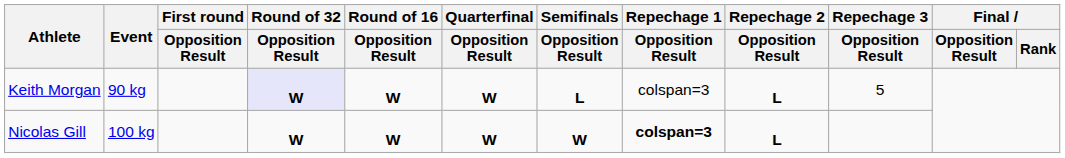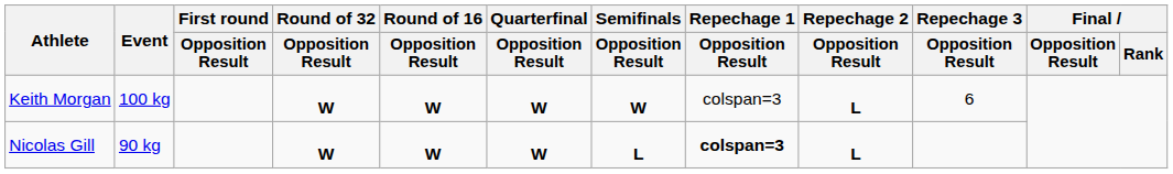 <table class="wikitable" style="font-size:90%">
 <tr>
 <th rowspan=2>Athlete</th>
 <th rowspan=2>Event</th>
 <th>First round</th>
 <th>Round of 32</th>
 <th>Round of 16</th>
 <th>Quarterfinal</th>
 <th>Semifinals</th>
 <th>Repechage 1</th>
 <th>Repechage 2</th>
 <th>Repechage 3</th>
 <th colspan=2>Final / </th>
 </tr>
 <tr style="font-size:95%">
 <th>Opposition<br>Result</th>
 <th>Opposition<br>Result</th>
 <th>Opposition<br>Result</th>
 <th>Opposition<br>Result</th>
 <th>Opposition<br>Result</th>
 <th>Opposition<br>Result</th>
 <th>Opposition<br>Result</th>
 <th>Opposition<br>Result</th>
 <th>Opposition<br>Result</th>
 <th>Rank</th>
 </tr>
 <tr align=center>
 <td align=left><a href='#'>Keith Morgan</a></td>
-<td align=left><a href='#'>90 kg</a></td>
-<td></td>
-<td style="background: lavender;"> <br> <strong>W</strong></td>
-<td> <br> <strong>W</strong></td>
-<td> <br> <strong>W</strong></td>
-<td> <br> <strong>L</strong></td>
-<td>colspan=3 </td>
-<td> <br> <strong>L</strong></td>
-<td>5</td>
-</tr>
-<tr align=center>
-<td align=left><a href='#'>Nicolas Gill</a></td>
 <td align=left><a href='#'>100 kg</a></td>
 <td></td>
 <td> <br> <strong>W</strong></td>
 <td> <br> <strong>W</strong></td>
 <td> <br> <strong>W</strong></td>
 <td> <br> <strong>W</strong></td>
+<td>colspan=3 </td>
+<td> <br> <strong>L</strong></td>
+<td>6</td>
+</tr>
+<tr align=center>
+<td align=left><a href='#'>Nicolas Gill</a></td>
+<td align=left><a href='#'>90 kg</a></td>
+<td></td>
+<td> <br> <strong>W</strong></td>
+<td> <br> <strong>W</strong></td>
+<td> <br> <strong>W</strong></td>
+<td> <br> <strong>L</strong></td>
 <td><strong>colspan=3 </strong></td>
 <td> <br> <strong>L</strong></td>
 <td></td>
 </tr>
 </table>
